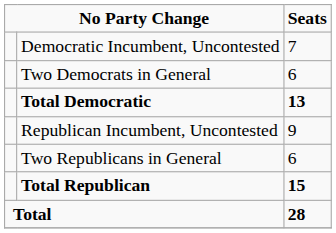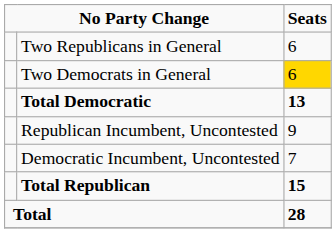 <table class="wikitable">
 <tr>
 <td colspan="2" rowspan="1" align="center"><strong>No Party Change</strong></td>
 <td style="vertical-align:top;"><strong>Seats</strong><br></td>
 </tr>
 <tr>
 <td style="background-color:"> </td>
-<td>Democratic Incumbent, Uncontested</td>
-<td>7</td>
+<td>Two Republicans in General</td>
+<td>6</td>
 </tr>
 <tr>
 <td style="background-color:"> </td>
 <td>Two Democrats in General</td>
-<td>6</td>
+<td style="background: gold;">6</td>
 </tr>
 <tr>
 <td style="background-color:"> </td>
 <td><strong>Total Democratic</strong></td>
 <td><strong>13</strong></td>
 </tr>
 <tr>
 <td style="background-color:"> </td>
 <td>Republican Incumbent, Uncontested</td>
 <td>9</td>
 </tr>
 <tr>
 <td style="background-color:"> </td>
-<td>Two Republicans in General</td>
-<td>6</td>
+<td>Democratic Incumbent, Uncontested</td>
+<td>7</td>
 </tr>
 <tr>
 <td style="background-color:"> </td>
 <td><strong>Total Republican</strong></td>
 <td><strong>15</strong></td>
 </tr>
 <tr>
 <td colspan="2" rowspan="1"> <strong>Total</strong><br></td>
 <td><strong>28</strong></td>
 </tr>
 <tr>
 </tr>
 </table>
